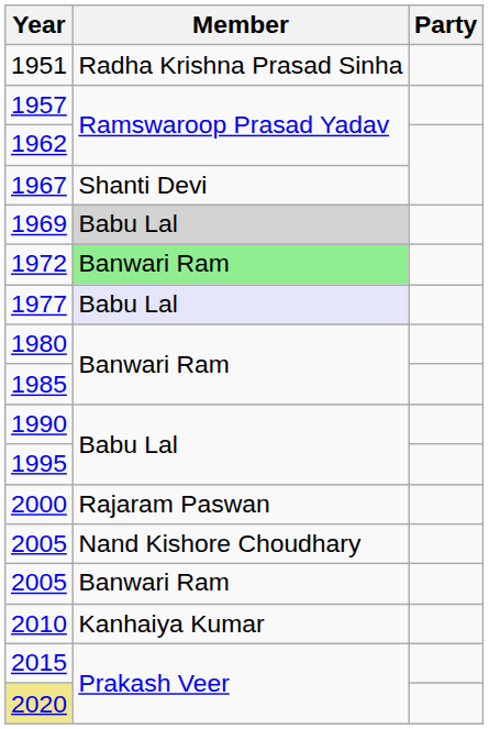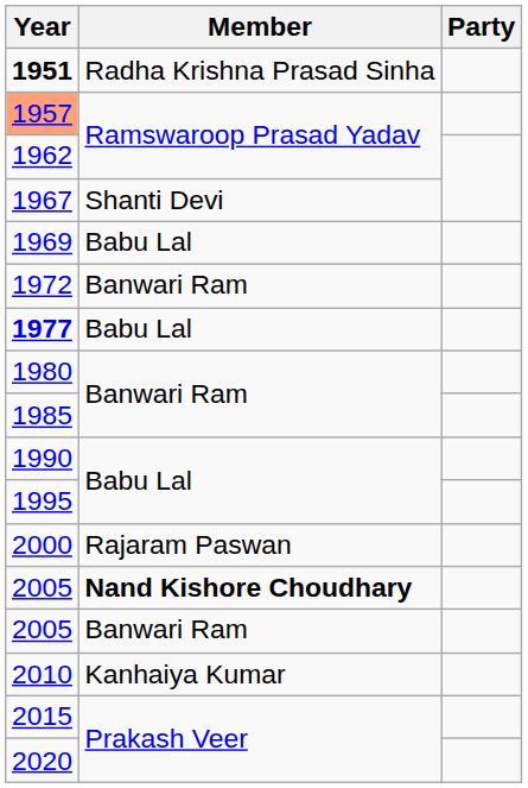 <table class="wikitable sortable">
 <tr>
 <th>Year</th>
 <th>Member</th>
 <th colspan="2">Party</th>
 </tr>
 <tr>
-<td>1951</td>
+<td><strong>1951</strong></td>
 <td>Radha Krishna Prasad Sinha </td>
 <td></td>
 </tr>
 <tr>
-<td><a href='#'>1957</a></td>
+<td style="background: lightsalmon;"><a href='#'>1957</a></td>
 <td rowspan="2"><a href='#'>Ramswaroop Prasad Yadav</a></td>
 <td></td>
 </tr>
 <tr>
 <td><a href='#'>1962</a></td>
 </tr>
 <tr>
 <td><a href='#'>1967</a></td>
 <td>Shanti Devi</td>
 </tr>
 <tr>
 <td><a href='#'>1969</a></td>
-<td style="background: lightgrey;">Babu Lal</td>
+<td>Babu Lal</td>
 <td></td>
 </tr>
 <tr>
 <td><a href='#'>1972</a></td>
-<td style="background: lightgreen;">Banwari Ram</td>
+<td>Banwari Ram</td>
 <td></td>
 </tr>
 <tr>
-<td><a href='#'>1977</a></td>
-<td style="background: lavender;">Babu Lal</td>
+<td><strong><a href='#'>1977</a></strong></td>
+<td>Babu Lal</td>
 <td></td>
 </tr>
 <tr>
 <td><a href='#'>1980</a></td>
 <td rowspan="2">Banwari Ram</td>
 <td></td>
 </tr>
 <tr>
 <td><a href='#'>1985</a></td>
 <td></td>
 </tr>
 <tr>
 <td><a href='#'>1990</a></td>
 <td rowspan="2">Babu Lal</td>
 <td></td>
 </tr>
 <tr>
 <td><a href='#'>1995</a></td>
 <td></td>
 </tr>
 <tr>
 <td><a href='#'>2000</a></td>
 <td>Rajaram Paswan</td>
 <td></td>
 </tr>
 <tr>
 <td><a href='#'>2005</a></td>
-<td>Nand Kishore Choudhary</td>
+<td><strong>Nand Kishore Choudhary</strong></td>
 </tr>
 <tr>
 <td><a href='#'>2005</a></td>
 <td>Banwari Ram</td>
 <td></td>
 </tr>
 <tr>
 <td><a href='#'>2010</a></td>
 <td>Kanhaiya Kumar</td>
 </tr>
 <tr>
 <td><a href='#'>2015</a></td>
 <td rowspan="2"><a href='#'>Prakash Veer</a></td>
 <td></td>
 </tr>
 <tr>
-<td style="background: khaki;"><a href='#'>2020</a></td>
+<td><a href='#'>2020</a></td>
 </tr>
 </table>
